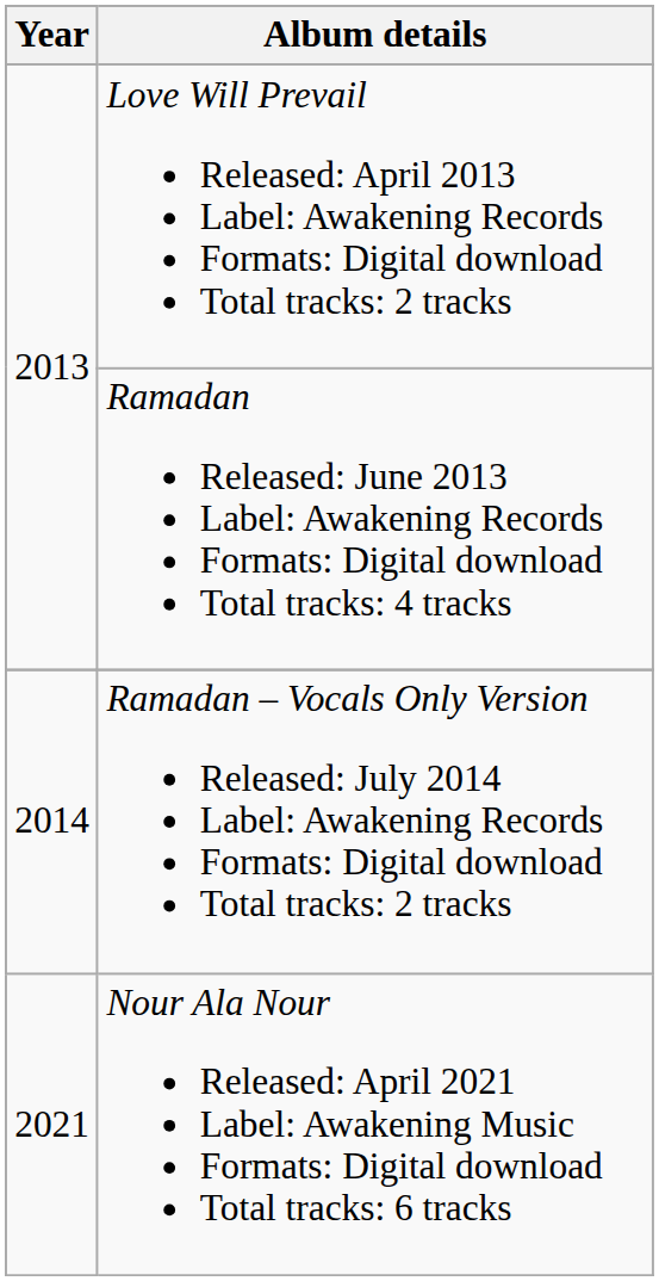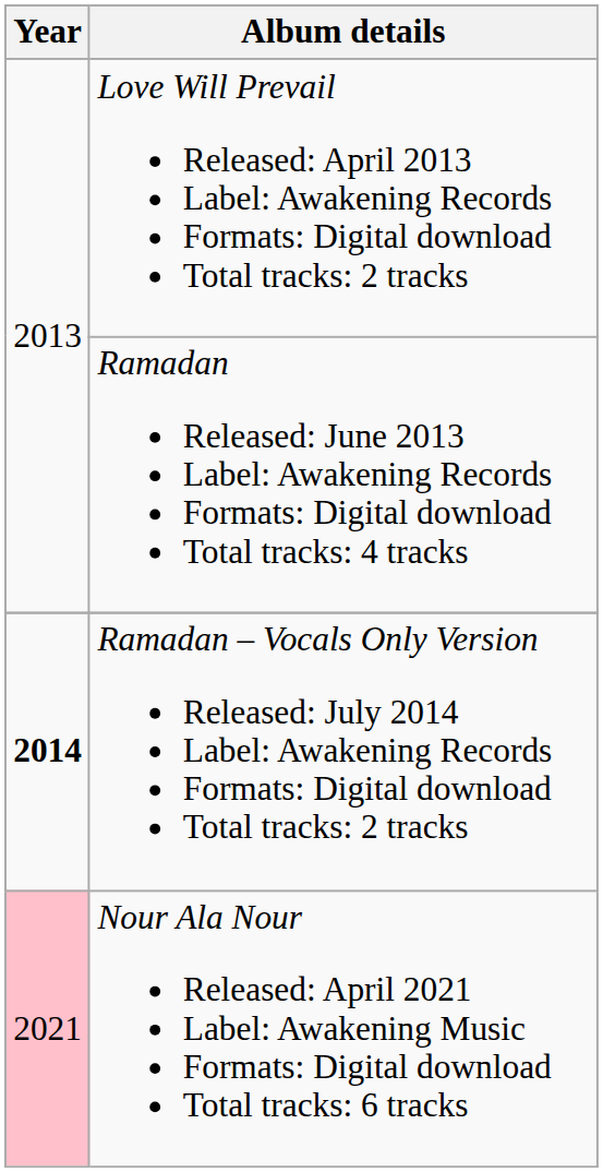 <table class="wikitable">
 <tr>
 <th>Year</th>
 <th style="width:230px;">Album details</th>
 </tr>
 <tr>
 <td rowspan=2>2013</td>
 <td><em>Love Will Prevail</em><br><ul><li>Released: April 2013</li><li>Label: Awakening Records</li><li>Formats: Digital download</li><li>Total tracks: 2 tracks</li></ul></td>
 </tr>
 <tr>
 <td><em>Ramadan</em><br><ul><li>Released: June 2013</li><li>Label: Awakening Records</li><li>Formats: Digital download</li><li>Total tracks: 4 tracks</li></ul></td>
 </tr>
 <tr>
 </tr>
 <tr>
-<td>2014</td>
+<td><strong>2014</strong></td>
 <td><em>Ramadan – Vocals Only Version</em><br><ul><li>Released: July 2014</li><li>Label: Awakening Records</li><li>Formats: Digital download</li><li>Total tracks: 2 tracks</li></ul></td>
 </tr>
 <tr>
-<td>2021</td>
+<td style="background: pink;">2021</td>
 <td><em>Nour Ala Nour</em><br><ul><li>Released: April 2021</li><li>Label: Awakening Music</li><li>Formats: Digital download</li><li>Total tracks: 6 tracks</li></ul></td>
 </tr>
 </table>
